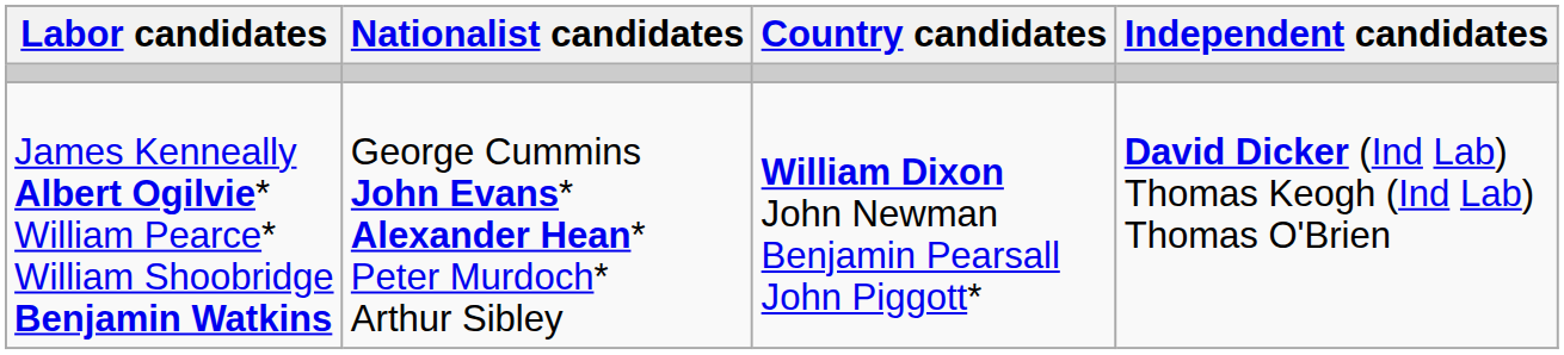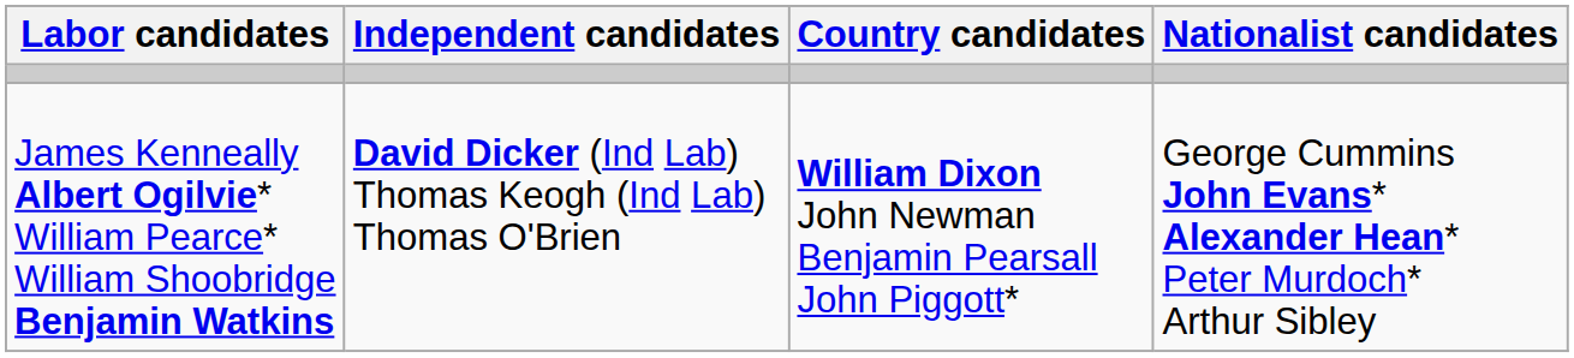 <table class="wikitable">
 <tr>
 <th><a href='#'>Labor</a> candidates</th>
+<th><a href='#'>Independent</a> candidates</th>
+<th><a href='#'>Country</a> candidates</th>
 <th><a href='#'>Nationalist</a> candidates</th>
-<th><a href='#'>Country</a> candidates</th>
-<th><a href='#'>Independent</a> candidates</th>
 </tr>
 <tr bgcolor="#cccccc">
 <td></td>
 <td></td>
 <td></td>
 <td></td>
 </tr>
 <tr>
 <td><br><a href='#'>James Kenneally</a><br> <strong><a href='#'>Albert Ogilvie</a></strong>*<br> <a href='#'>William Pearce</a>*<br> <a href='#'>William Shoobridge</a><br> <strong><a href='#'>Benjamin Watkins</a></strong></td>
+<td valign=top><br><strong><a href='#'>David Dicker</a></strong> (<a href='#'>Ind</a> <a href='#'>Lab</a>)<br> Thomas Keogh (<a href='#'>Ind</a> <a href='#'>Lab</a>)<br> Thomas O'Brien</td>
+<td><br><strong><a href='#'>William Dixon</a></strong><br> John Newman<br> <a href='#'>Benjamin Pearsall</a><br> <a href='#'>John Piggott</a>*</td>
 <td><br>George Cummins<br> <strong><a href='#'>John Evans</a></strong>*<br> <strong><a href='#'>Alexander Hean</a></strong>*<br> <a href='#'>Peter Murdoch</a>*<br> Arthur Sibley</td>
-<td><br><strong><a href='#'>William Dixon</a></strong><br> John Newman<br> <a href='#'>Benjamin Pearsall</a><br> <a href='#'>John Piggott</a>*</td>
-<td valign=top><br><strong><a href='#'>David Dicker</a></strong> (<a href='#'>Ind</a> <a href='#'>Lab</a>)<br> Thomas Keogh (<a href='#'>Ind</a> <a href='#'>Lab</a>)<br> Thomas O'Brien</td>
 </tr>
 </table>
